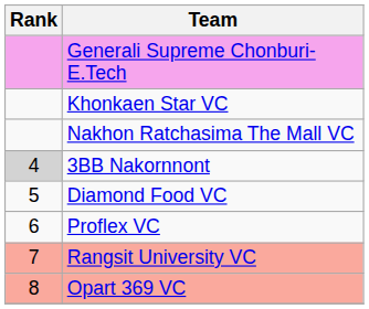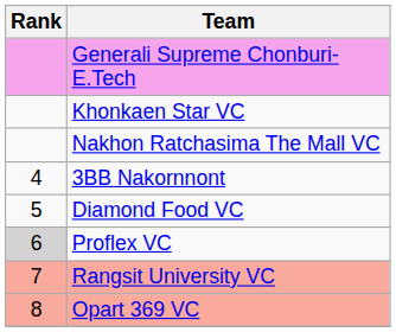 <table class="wikitable" style="text-align: center;">
 <tr>
 <th width=40>Rank</th>
 <th width=240>Team</th>
 </tr>
 <tr bgcolor=#F6A5ED>
 <td></td>
 <td align=left><a href='#'>Generali Supreme Chonburi-E.Tech</a></td>
 </tr>
 <tr>
 <td></td>
 <td align=left><a href='#'>Khonkaen Star VC</a></td>
 </tr>
 <tr>
 <td></td>
 <td align=left><a href='#'>Nakhon Ratchasima The Mall VC</a></td>
 </tr>
 <tr>
-<td style="background: lightgrey;">4</td>
+<td>4</td>
 <td align=left><a href='#'>3BB Nakornnont</a></td>
 </tr>
 <tr>
 <td>5</td>
 <td align=left><a href='#'>Diamond Food VC</a></td>
 </tr>
 <tr>
-<td>6</td>
+<td style="background: lightgrey;">6</td>
 <td align=left><a href='#'>Proflex VC</a></td>
 </tr>
 <tr bgcolor=#FAA99D>
 <td>7</td>
 <td align=left><a href='#'>Rangsit University VC</a></td>
 </tr>
 <tr bgcolor=#FAA99D>
 <td>8</td>
 <td align=left><a href='#'>Opart 369 VC</a></td>
 </tr>
 <tr>
 </tr>
 </table>
